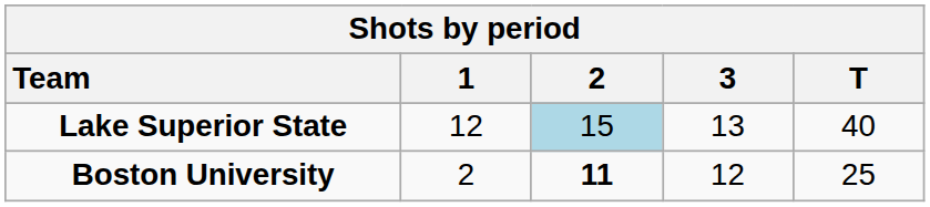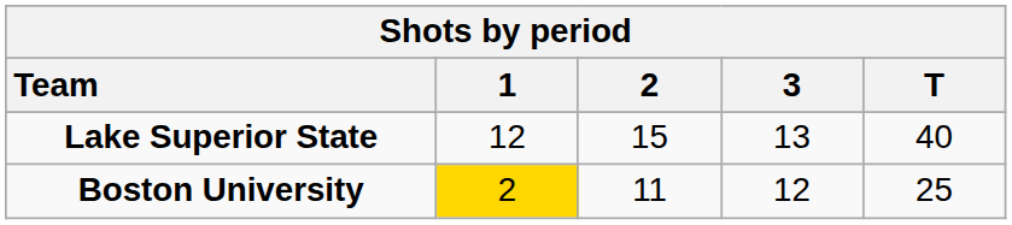 <table class="wikitable" style="width:30em; text-align:right;">
 <tr>
 <th colspan=6>Shots by period</th>
 </tr>
 <tr>
 <th style="width:10em; text-align:left;">Team</th>
 <th style="width:3em;">1</th>
 <th style="width:3em;">2</th>
 <th style="width:3em;">3</th>
 <th style="width:3em;">T</th>
 </tr>
 <tr>
 <td align=center><strong>Lake Superior State</strong></td>
 <td align=center>12</td>
-<td align=center style="background: lightblue;">15</td>
+<td align=center>15</td>
 <td align=center>13</td>
 <td align=center>40</td>
 </tr>
 <tr>
 <td align=center><strong>Boston University</strong></td>
-<td align=center>2</td>
-<td align=center><strong>11</strong></td>
+<td align=center style="background: gold;">2</td>
+<td align=center>11</td>
 <td align=center>12</td>
 <td align=center>25</td>
 </tr>
 </table>
